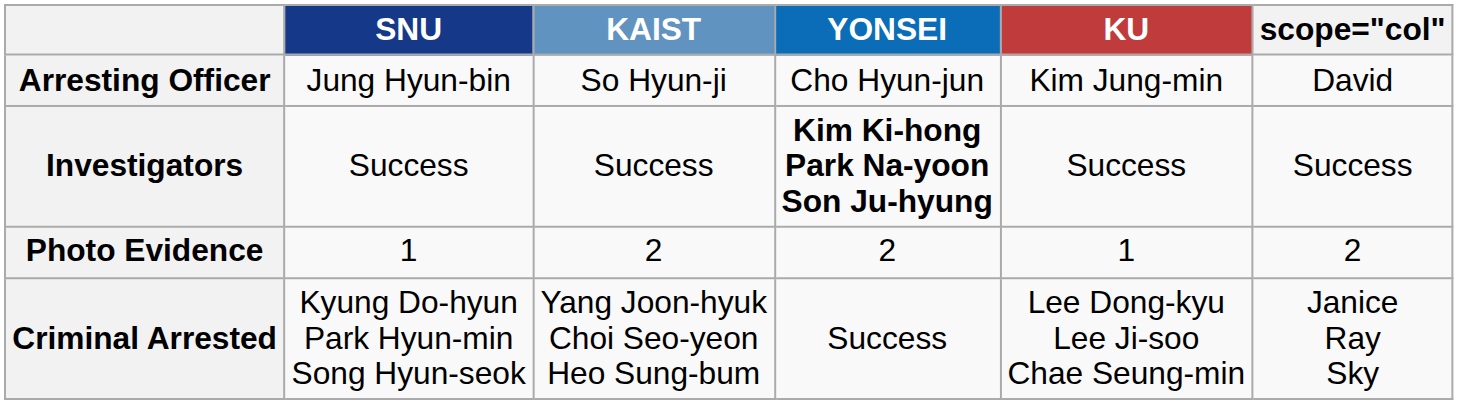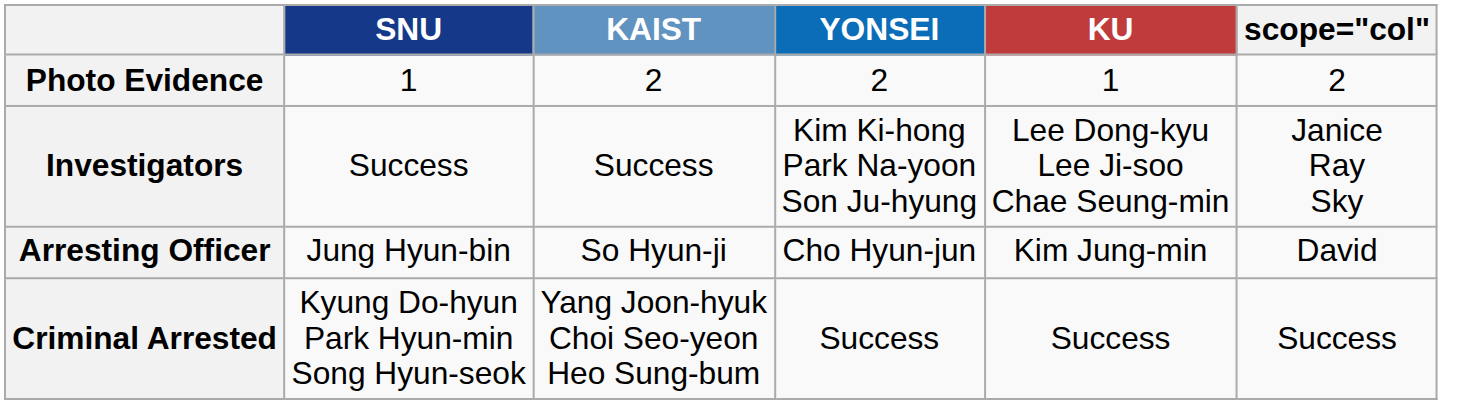 <table class="wikitable" style="text-align:center">
 <tr>
 <th scope="col"></th>
 <th scope="col" style="background-color:#153888; color:white">SNU</th>
 <th scope="col" style="background-color:#6093BF; color:white">KAIST</th>
 <th scope="col" style="background-color:#0B6DB7; color:white">YONSEI</th>
 <th scope="col" style="background-color:#BF3B3C; color:white">KU</th>
 <th>scope="col"  </th>
 </tr>
 <tr>
+<th scope="row">Photo Evidence</th>
+<td>1</td>
+<td>2</td>
+<td>2</td>
+<td>1</td>
+<td>2</td>
+</tr>
+<tr>
+<th scope="row">Investigators</th>
+<td>Success</td>
+<td>Success</td>
+<td>Kim Ki-hong<br>Park Na-yoon<br>Son Ju-hyung</td>
+<td>Lee Dong-kyu<br>Lee Ji-soo<br>Chae Seung-min</td>
+<td>Janice<br>Ray<br>Sky</td>
+</tr>
+<tr>
 <th scope="row">Arresting Officer</th>
 <td>Jung Hyun-bin</td>
 <td>So Hyun-ji</td>
 <td>Cho Hyun-jun</td>
 <td>Kim Jung-min</td>
 <td>David</td>
 </tr>
 <tr>
-<th scope="row">Investigators</th>
-<td>Success</td>
-<td>Success</td>
-<td><strong>Kim Ki-hong<br>Park Na-yoon<br>Son Ju-hyung</strong></td>
-<td>Success</td>
-<td>Success</td>
-</tr>
-<tr>
-<th scope="row">Photo Evidence</th>
-<td>1</td>
-<td>2</td>
-<td>2</td>
-<td>1</td>
-<td>2</td>
-</tr>
-<tr>
 <th scope="row">Criminal Arrested</th>
 <td>Kyung Do-hyun<br>Park Hyun-min<br>Song Hyun-seok</td>
 <td>Yang Joon-hyuk<br>Choi Seo-yeon<br>Heo Sung-bum</td>
 <td>Success</td>
-<td>Lee Dong-kyu<br>Lee Ji-soo<br>Chae Seung-min</td>
-<td>Janice<br>Ray<br>Sky</td>
+<td>Success</td>
+<td>Success</td>
 </tr>
 </table>
